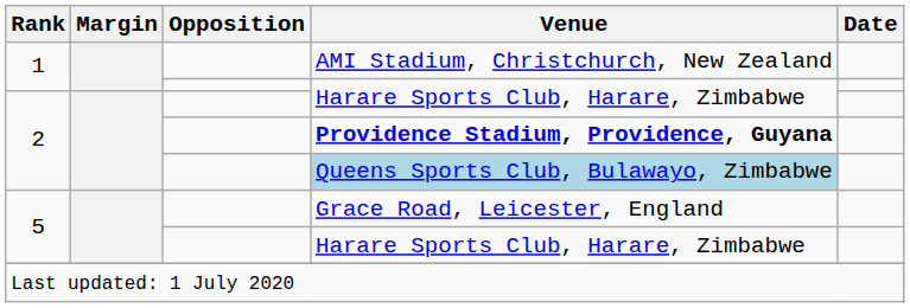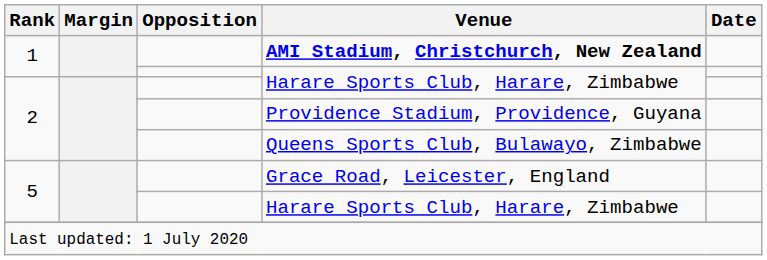 <table class="wikitable plainrowheaders sortable">
 <tr>
 <th scope=col>Rank</th>
 <th scope=col>Margin</th>
 <th scope=col>Opposition</th>
 <th scope=col>Venue</th>
 <th scope=col>Date</th>
 </tr>
 <tr>
 <td style="text-align:center" rowspan=2>1</td>
 <th scope=row style=text-align:center; rowspan=2></th>
 <td></td>
-<td><a href='#'>AMI Stadium</a>, <a href='#'>Christchurch</a>, New Zealand</td>
+<td><strong><a href='#'>AMI Stadium</a>, <a href='#'>Christchurch</a>, New Zealand</strong></td>
 <td></td>
 </tr>
 <tr>
 <td></td>
 <td rowspan=2><a href='#'>Harare Sports Club</a>, <a href='#'>Harare</a>, Zimbabwe</td>
 <td></td>
 </tr>
 <tr>
 <td style="text-align:center" rowspan=3>2</td>
 <th scope=row style=text-align:center; rowspan=3></th>
 <td></td>
 <td></td>
 </tr>
 <tr>
 <td></td>
-<td><strong><a href='#'>Providence Stadium</a>, <a href='#'>Providence</a>, Guyana</strong></td>
+<td><a href='#'>Providence Stadium</a>, <a href='#'>Providence</a>, Guyana</td>
 <td></td>
 </tr>
 <tr>
 <td></td>
-<td style="background: lightblue;"><a href='#'>Queens Sports Club</a>, <a href='#'>Bulawayo</a>, Zimbabwe</td>
+<td><a href='#'>Queens Sports Club</a>, <a href='#'>Bulawayo</a>, Zimbabwe</td>
 <td></td>
 </tr>
 <tr>
 <td style="text-align:center" rowspan=2>5</td>
 <th scope=row style=text-align:center; rowspan=2></th>
 <td></td>
 <td><a href='#'>Grace Road</a>, <a href='#'>Leicester</a>, England</td>
 <td> </td>
 </tr>
 <tr>
 <td></td>
 <td><a href='#'>Harare Sports Club</a>, <a href='#'>Harare</a>, Zimbabwe</td>
 <td></td>
 </tr>
 <tr>
 </tr>
 <tr class=sortbottom>
 <td colspan=5><small>Last updated: 1 July 2020</small></td>
 </tr>
 </table>
